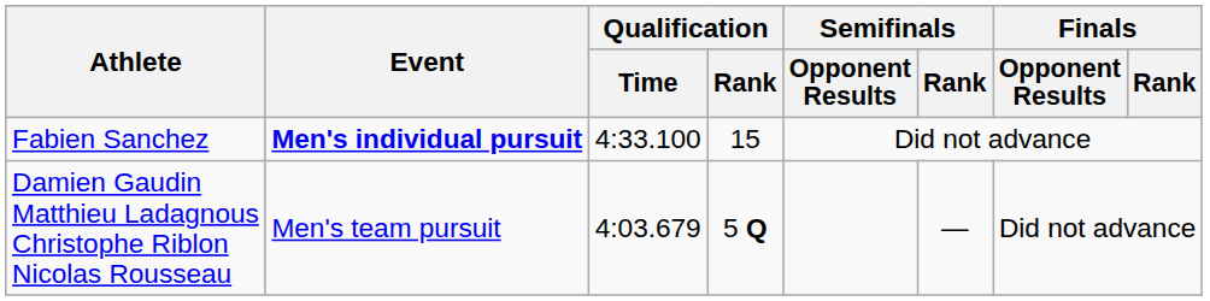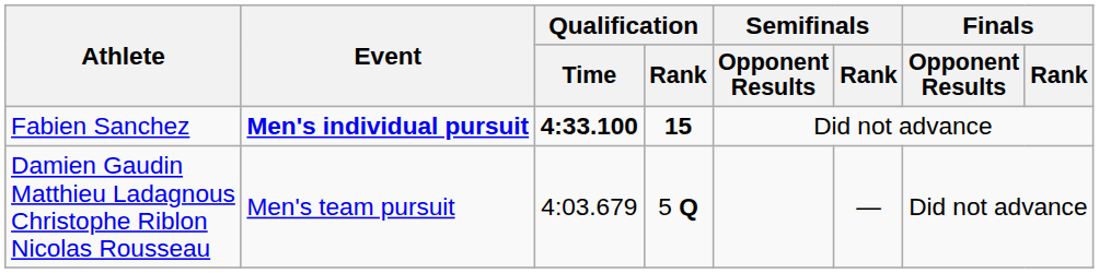 <table class=wikitable style="font-size:90%">
 <tr>
 <th rowspan="2">Athlete</th>
 <th rowspan="2">Event</th>
 <th colspan="2">Qualification</th>
 <th colspan="2">Semifinals</th>
 <th colspan="2">Finals</th>
 </tr>
 <tr style="font-size:95%">
 <th>Time</th>
 <th>Rank</th>
 <th>Opponent<br>Results</th>
 <th>Rank</th>
 <th>Opponent<br>Results</th>
 <th>Rank</th>
 </tr>
 <tr align=center>
 <td align=left><a href='#'>Fabien Sanchez</a></td>
 <td align=left><strong><a href='#'>Men's individual pursuit</a></strong></td>
-<td>4:33.100</td>
-<td>15</td>
+<td><strong>4:33.100</strong></td>
+<td><strong>15</strong></td>
 <td colspan=4>Did not advance</td>
 </tr>
 <tr align=center>
 <td align=left><a href='#'>Damien Gaudin</a><br><a href='#'>Matthieu Ladagnous</a><br><a href='#'>Christophe Riblon</a><br><a href='#'>Nicolas Rousseau</a></td>
 <td align=left><a href='#'>Men's team pursuit</a></td>
 <td>4:03.679</td>
 <td>5 <strong>Q</strong></td>
 <td><br></td>
 <td>—</td>
 <td colspan=2>Did not advance</td>
 </tr>
 </table>
